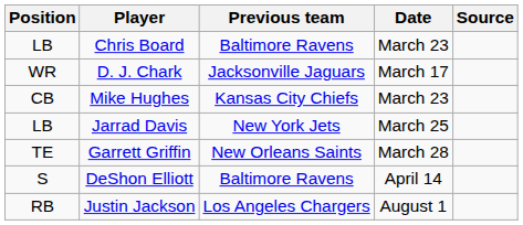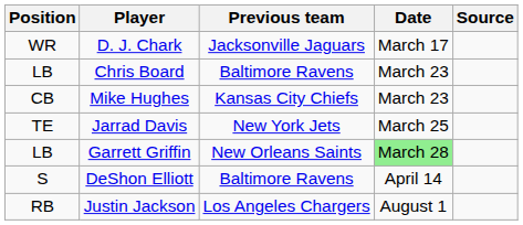 <table class="wikitable" style="text-align:center">
 <tr>
 <th>Position</th>
 <th>Player</th>
 <th>Previous team</th>
 <th>Date</th>
 <th>Source</th>
 </tr>
 <tr>
+<td>WR</td>
+<td><a href='#'>D. J. Chark</a></td>
+<td><a href='#'>Jacksonville Jaguars</a></td>
+<td>March 17</td>
+<td></td>
+</tr>
+<tr>
 <td>LB</td>
 <td><a href='#'>Chris Board</a></td>
 <td><a href='#'>Baltimore Ravens</a></td>
 <td>March 23</td>
-<td></td>
-</tr>
-<tr>
-<td>WR</td>
-<td><a href='#'>D. J. Chark</a></td>
-<td><a href='#'>Jacksonville Jaguars</a></td>
-<td>March 17</td>
 <td></td>
 </tr>
 <tr>
 <td>CB</td>
 <td><a href='#'>Mike Hughes</a></td>
 <td><a href='#'>Kansas City Chiefs</a></td>
 <td>March 23</td>
 <td></td>
 </tr>
 <tr>
-<td>LB</td>
+<td>TE</td>
 <td><a href='#'>Jarrad Davis</a></td>
 <td><a href='#'>New York Jets</a></td>
 <td>March 25</td>
 <td></td>
 </tr>
 <tr>
-<td>TE</td>
+<td>LB</td>
 <td><a href='#'>Garrett Griffin</a></td>
 <td><a href='#'>New Orleans Saints</a></td>
-<td>March 28</td>
+<td style="background: lightgreen;">March 28</td>
 <td></td>
 </tr>
 <tr>
 <td>S</td>
 <td><a href='#'>DeShon Elliott</a></td>
 <td><a href='#'>Baltimore Ravens</a></td>
 <td>April 14</td>
 <td></td>
 </tr>
 <tr>
 <td>RB</td>
 <td><a href='#'>Justin Jackson</a></td>
 <td><a href='#'>Los Angeles Chargers</a></td>
 <td>August 1</td>
 <td></td>
 </tr>
 </table>
